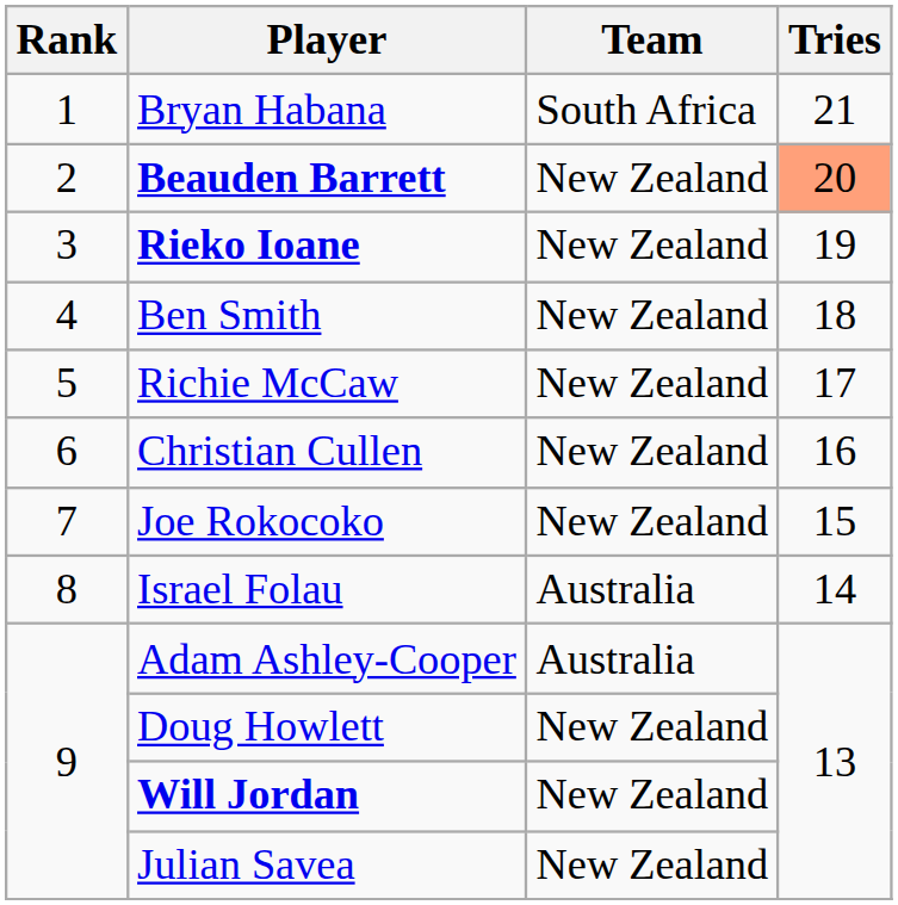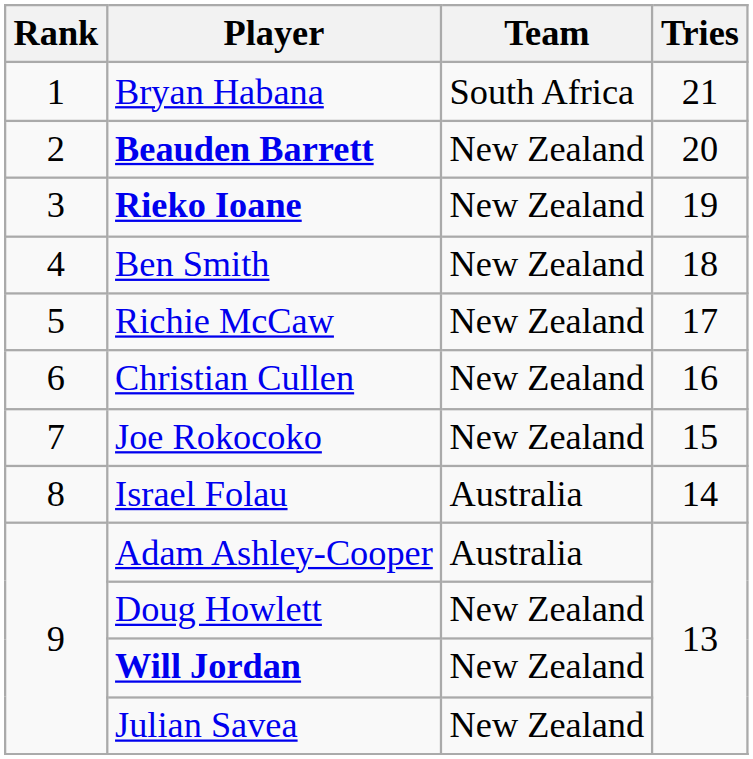 <table class="wikitable">
 <tr>
 <th>Rank</th>
 <th>Player</th>
 <th>Team</th>
 <th>Tries</th>
 </tr>
 <tr>
 <td align=center>1</td>
 <td><a href='#'>Bryan Habana</a></td>
 <td> South Africa</td>
 <td align=center>21</td>
 </tr>
 <tr>
 <td align=center>2</td>
 <td><strong><a href='#'>Beauden Barrett</a></strong></td>
 <td> New Zealand</td>
-<td align=center style="background: lightsalmon;">20</td>
+<td align=center>20</td>
 </tr>
 <tr>
 <td align=center>3</td>
 <td><strong><a href='#'>Rieko Ioane</a></strong></td>
 <td> New Zealand</td>
 <td align=center>19</td>
 </tr>
 <tr>
 <td align=center>4</td>
 <td><a href='#'>Ben Smith</a></td>
 <td> New Zealand</td>
 <td align=center>18</td>
 </tr>
 <tr>
 <td align=center>5</td>
 <td><a href='#'>Richie McCaw</a></td>
 <td> New Zealand</td>
 <td align=center>17</td>
 </tr>
 <tr>
 <td align=center>6</td>
 <td><a href='#'>Christian Cullen</a></td>
 <td> New Zealand</td>
 <td align=center>16</td>
 </tr>
 <tr>
 <td align=center>7</td>
 <td><a href='#'>Joe Rokocoko</a></td>
 <td> New Zealand</td>
 <td align=center>15</td>
 </tr>
 <tr>
 <td align=center>8</td>
 <td><a href='#'>Israel Folau</a></td>
 <td> Australia</td>
 <td align=center>14</td>
 </tr>
 <tr>
 <td rowspan=4 align=center>9</td>
 <td><a href='#'>Adam Ashley-Cooper</a></td>
 <td> Australia</td>
 <td rowspan=4 align=center>13</td>
 </tr>
 <tr>
 <td><a href='#'>Doug Howlett</a></td>
 <td> New Zealand</td>
 </tr>
 <tr>
 <td><strong><a href='#'>Will Jordan</a></strong></td>
 <td> New Zealand</td>
 </tr>
 <tr>
 <td><a href='#'>Julian Savea</a></td>
 <td> New Zealand</td>
 </tr>
 <tr>
 </tr>
 </table>
